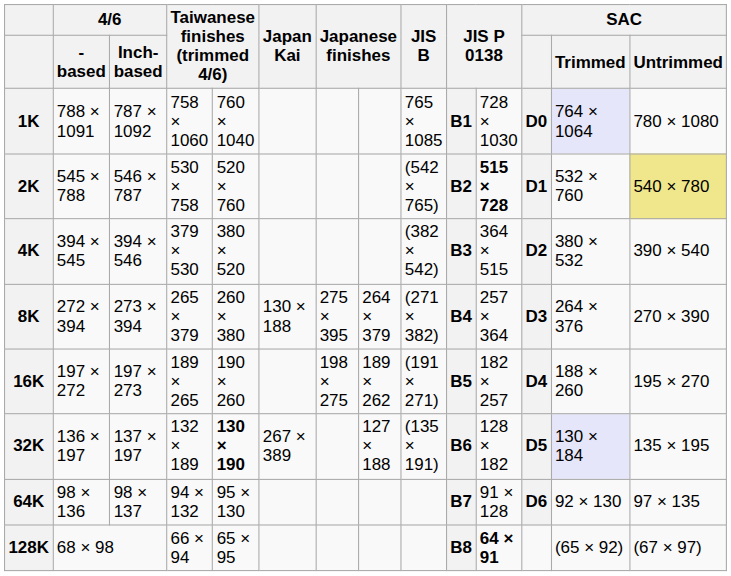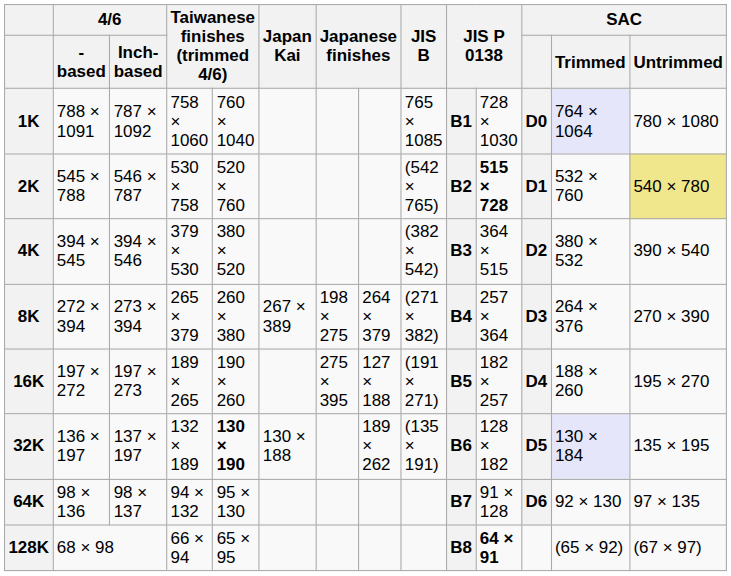 <table class="wikitable">
 <tr>
 <th></th>
 <th colspan="2">4/6</th>
 <th colspan="2" rowspan="2">Taiwanese finishes (trimmed 4/6)</th>
 <th rowspan="2">Japan Kai</th>
 <th colspan="2" rowspan="2">Japanese finishes</th>
 <th rowspan="2">JIS B</th>
 <th colspan="2" rowspan="2">JIS P 0138</th>
 <th colspan="3">SAC</th>
 </tr>
 <tr>
 <th></th>
 <th>-based</th>
 <th>Inch-based</th>
 <th></th>
 <th>Trimmed</th>
 <th>Untrimmed</th>
 </tr>
 <tr --->
 <th>1K</th>
 <td>788 × 1091</td>
 <td>787 × 1092</td>
 <td>758 × 1060</td>
 <td>760 × 1040</td>
 <td></td>
 <td></td>
 <td></td>
 <td title="B">765 × 1085</td>
 <th>B1</th>
 <td>728 × 1030</td>
 <th>D0</th>
 <td style="background: lavender;">764 × 1064</td>
 <td>780 × 1080</td>
 </tr>
 <tr --->
 <th>2K</th>
 <td>545 × 788</td>
 <td>546 × 787</td>
 <td>530 × 758</td>
 <td>520 × 760</td>
 <td></td>
 <td></td>
 <td></td>
 <td>(542 × 765)</td>
 <th>B2</th>
 <td><strong>515 × 728</strong></td>
 <th>D1</th>
 <td>532 × 760</td>
 <td style="background: khaki;">540 × 780</td>
 </tr>
 <tr --->
 <th>4K</th>
 <td>394 × 545</td>
 <td>394 × 546</td>
 <td>379 × 530</td>
 <td>380 × 520</td>
 <td></td>
 <td></td>
 <td></td>
 <td>(382 × 542)</td>
 <th>B3</th>
 <td>364 × 515</td>
 <th>D2</th>
 <td>380 × 532</td>
 <td>390 × 540</td>
 </tr>
 <tr --->
 <th>8K</th>
 <td>272 × 394</td>
 <td>273 × 394</td>
 <td>265 × 379</td>
 <td>260 × 380</td>
-<td title="4/6: 4.3 × 6.2 ">130 × 188</td>
-<td title="Dai Pa Kai">275 × 395</td>
+<td title="Pa Kai">267 × 389</td>
+<td title="Juuro Ku Kai">198 × 275</td>
 <td>264 × 379</td>
 <td>(271 × 382)</td>
 <th>B4</th>
 <td>257 × 364</td>
 <th>D3</th>
 <td>264 × 376</td>
 <td>270 × 390</td>
 </tr>
 <tr --->
 <th>16K</th>
 <td>197 × 272</td>
 <td>197 × 273</td>
 <td>189 × 265</td>
 <td>190 × 260</td>
 <td></td>
-<td title="Juuro Ku Kai">198 × 275</td>
-<td>189 × 262</td>
+<td title="Dai Pa Kai">275 × 395</td>
+<td>127 × 188</td>
 <td>(191 × 271)</td>
 <th>B5</th>
 <td title="AB is 210 × 257, from ISO A4">182 × 257</td>
 <th>D4</th>
 <td>188 × 260</td>
 <td>195 × 270</td>
 </tr>
 <tr --->
 <th title="4/6">32K</th>
 <td>136 × 197</td>
 <td>137 × 197</td>
 <td>132 × 189</td>
 <td><strong>130 × 190</strong></td>
-<td title="Pa Kai">267 × 389</td>
+<td title="4/6: 4.3 × 6.2 ">130 × 188</td>
 <td></td>
-<td>127 × 188</td>
+<td>189 × 262</td>
 <td>(135 × 191)</td>
 <th>B6</th>
 <td title="B40 is 103 × 182">128 × 182</td>
 <th>D5</th>
 <td style="background: lavender;">130 × 184</td>
 <td>135 × 195</td>
 </tr>
 <tr --->
 <th>64K</th>
 <td>98 × 136</td>
 <td>98 × 137</td>
 <td>94 × 132</td>
 <td>95 × 130</td>
 <td></td>
 <td></td>
 <td></td>
 <td></td>
 <th>B7</th>
 <td>91 × 128</td>
 <th>D6</th>
 <td>92 × 130</td>
 <td>97 × 135</td>
 </tr>
 <tr --->
 <th>128K</th>
 <td colspan="2">68 × 98</td>
 <td>66 ×  94</td>
 <td>65 ×  95</td>
 <td></td>
 <td></td>
 <td></td>
 <td></td>
 <th>B8</th>
 <td><strong>64 ×  91</strong></td>
 <td></td>
 <td>(65 × 92)</td>
 <td>(67 × 97)</td>
 </tr>
 </table>
